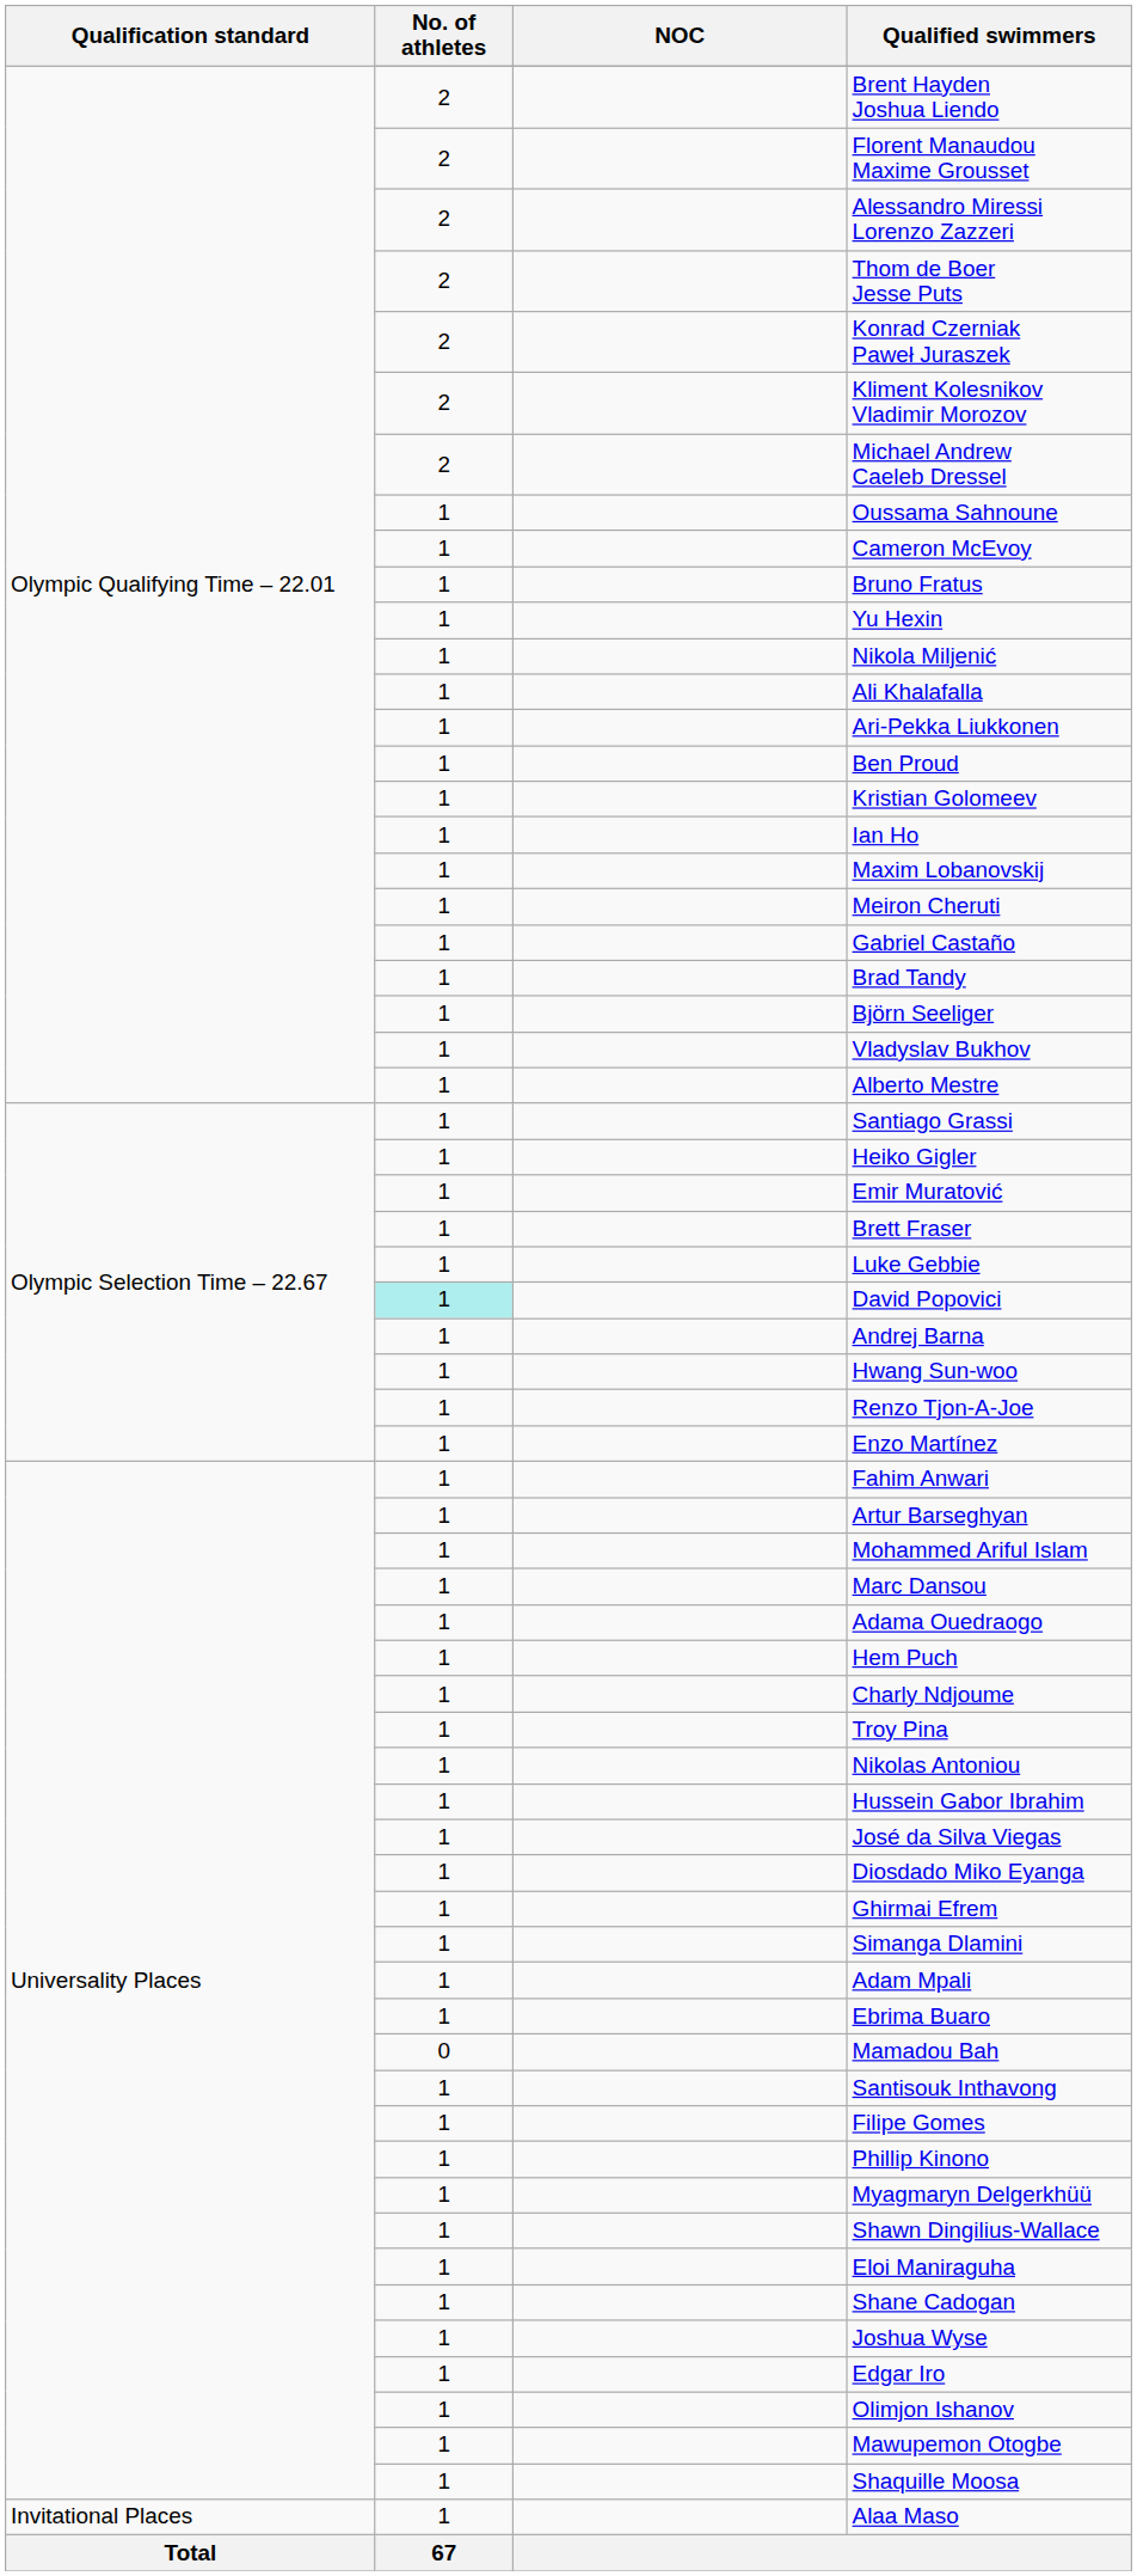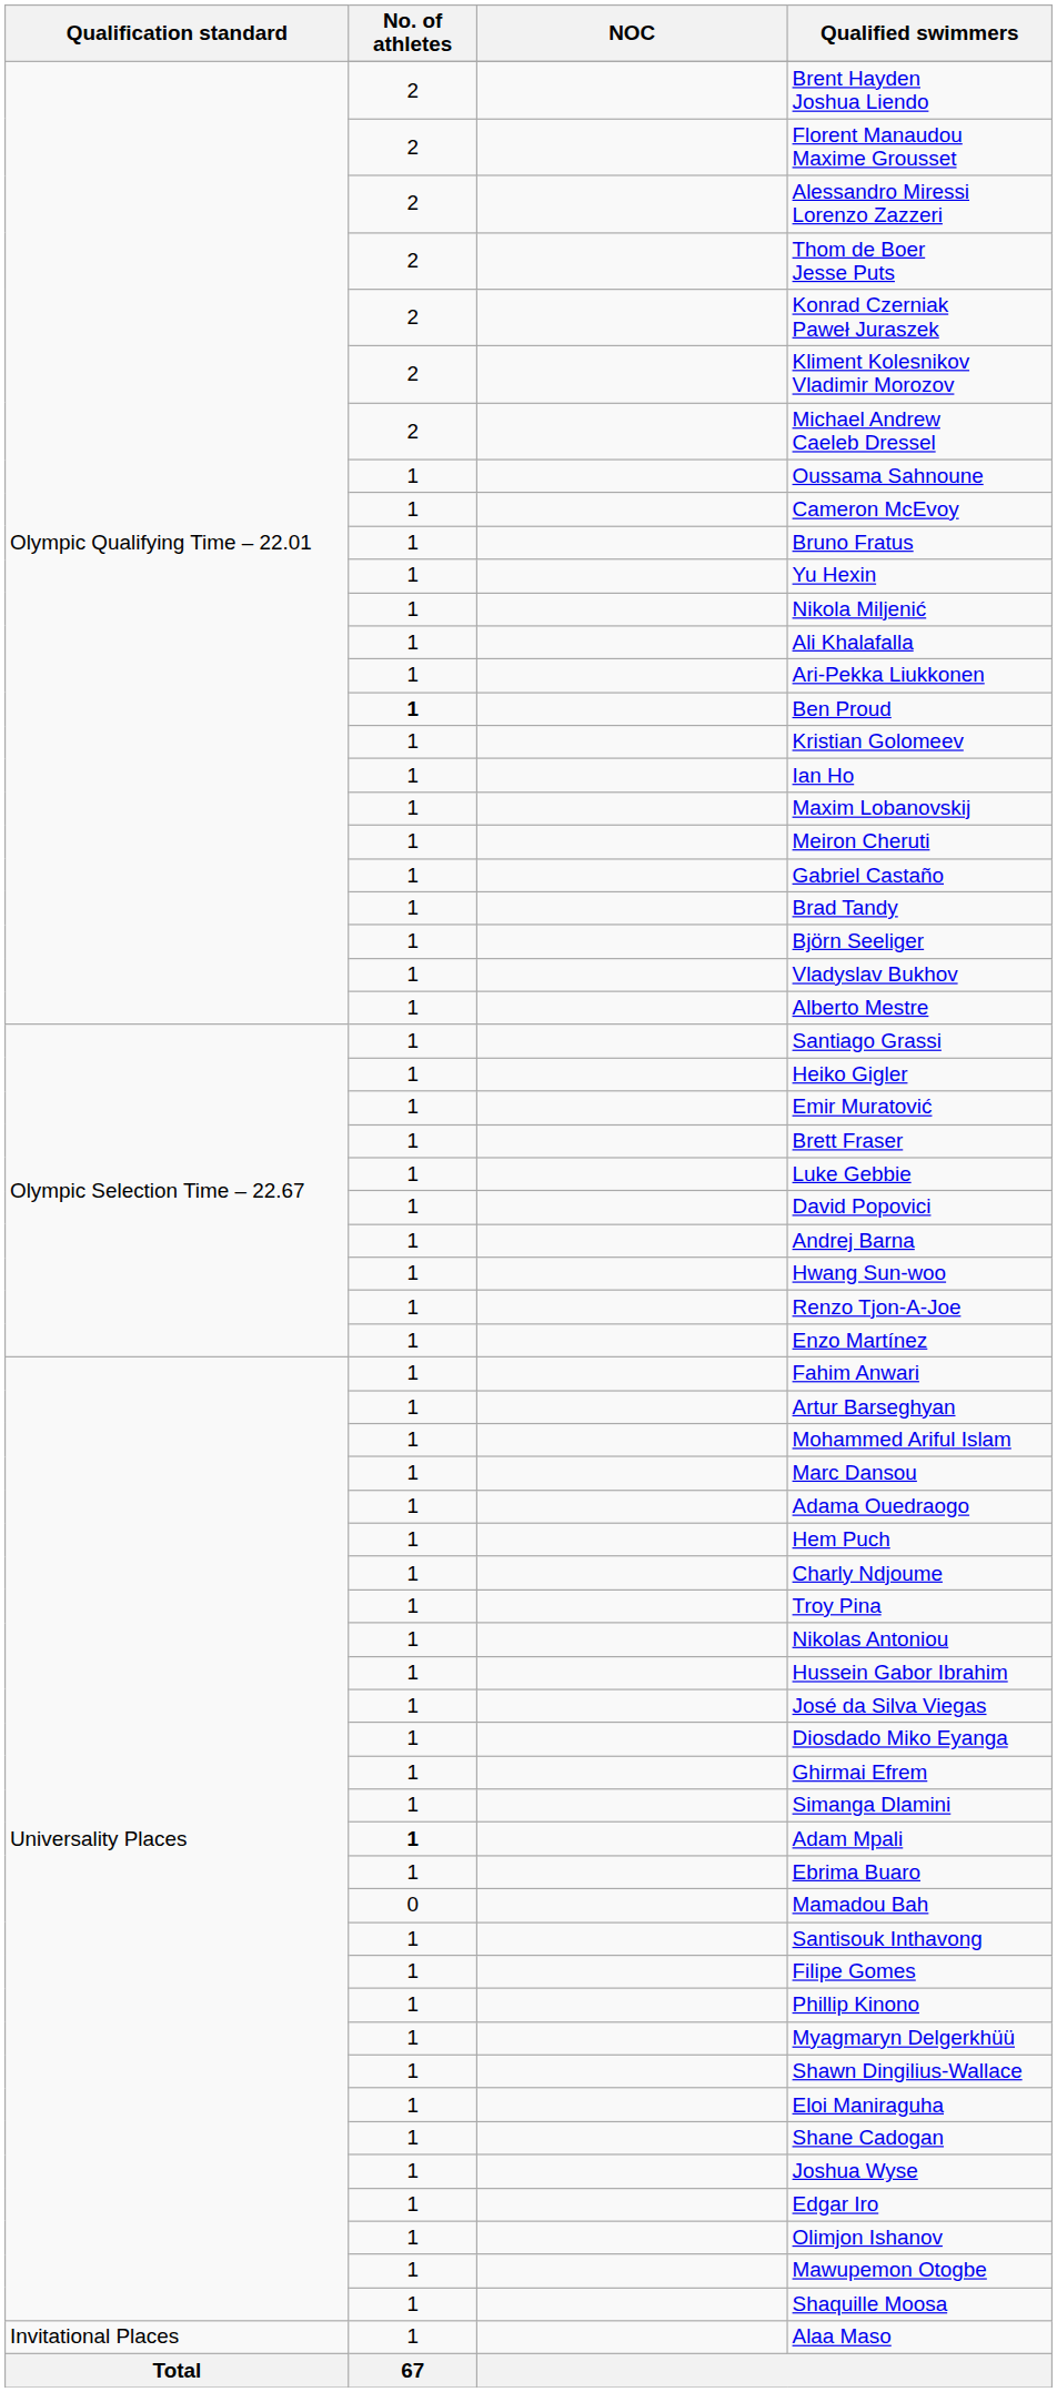 <table class=wikitable style="text-align:left" width=800>
 <tr>
 <th>Qualification standard</th>
 <th width=90>No. of athletes</th>
 <th width=230>NOC</th>
 <th>Qualified swimmers</th>
 </tr>
 <tr>
 <td rowspan="25">Olympic Qualifying Time – 22.01</td>
 </tr>
 <tr>
 <td align=center>2</td>
 <td></td>
 <td><a href='#'>Brent Hayden</a><br><a href='#'>Joshua Liendo</a></td>
 </tr>
 <tr>
 <td align=center>2</td>
 <td></td>
 <td><a href='#'>Florent Manaudou</a><br><a href='#'>Maxime Grousset</a></td>
 </tr>
 <tr>
 <td align=center>2</td>
 <td></td>
 <td><a href='#'>Alessandro Miressi</a><br><a href='#'>Lorenzo Zazzeri</a></td>
 </tr>
 <tr>
 <td align=center>2</td>
 <td></td>
 <td><a href='#'>Thom de Boer</a><br><a href='#'>Jesse Puts</a></td>
 </tr>
 <tr>
 <td align=center>2</td>
 <td></td>
 <td><a href='#'>Konrad Czerniak</a><br><a href='#'>Paweł Juraszek</a></td>
 </tr>
 <tr>
 <td align=center>2</td>
 <td></td>
 <td><a href='#'>Kliment Kolesnikov</a><br><a href='#'>Vladimir Morozov</a></td>
 </tr>
 <tr>
 <td align=center>2</td>
 <td></td>
 <td><a href='#'>Michael Andrew</a><br><a href='#'>Caeleb Dressel</a></td>
 </tr>
 <tr>
 <td align=center>1</td>
 <td></td>
 <td><a href='#'>Oussama Sahnoune</a></td>
 </tr>
 <tr>
 <td align=center>1</td>
 <td></td>
 <td><a href='#'>Cameron McEvoy</a></td>
 </tr>
 <tr>
 <td align=center>1</td>
 <td></td>
 <td><a href='#'>Bruno Fratus</a></td>
 </tr>
 <tr>
 <td align=center>1</td>
 <td></td>
 <td><a href='#'>Yu Hexin</a></td>
 </tr>
 <tr>
 <td align=center>1</td>
 <td></td>
 <td><a href='#'>Nikola Miljenić</a></td>
 </tr>
 <tr>
 <td align=center>1</td>
 <td></td>
 <td><a href='#'>Ali Khalafalla</a></td>
 </tr>
 <tr>
 <td align=center>1</td>
 <td></td>
 <td><a href='#'>Ari-Pekka Liukkonen</a></td>
 </tr>
 <tr>
-<td align="center">1</td>
+<td align="center"><strong>1</strong></td>
 <td></td>
 <td><a href='#'>Ben Proud</a></td>
 </tr>
 <tr>
 <td align=center>1</td>
 <td></td>
 <td><a href='#'>Kristian Golomeev</a></td>
 </tr>
 <tr>
 <td align=center>1</td>
 <td></td>
 <td><a href='#'>Ian Ho</a></td>
 </tr>
 <tr>
 <td align=center>1</td>
 <td></td>
 <td><a href='#'>Maxim Lobanovskij</a></td>
 </tr>
 <tr>
 <td align=center>1</td>
 <td></td>
 <td><a href='#'>Meiron Cheruti</a></td>
 </tr>
 <tr>
 <td align=center>1</td>
 <td></td>
 <td><a href='#'>Gabriel Castaño</a></td>
 </tr>
 <tr>
 <td align=center>1</td>
 <td></td>
 <td><a href='#'>Brad Tandy</a></td>
 </tr>
 <tr>
 <td align=center>1</td>
 <td></td>
 <td><a href='#'>Björn Seeliger</a></td>
 </tr>
 <tr>
 <td align=center>1</td>
 <td></td>
 <td><a href='#'>Vladyslav Bukhov</a></td>
 </tr>
 <tr>
 <td align=center>1</td>
 <td></td>
 <td><a href='#'>Alberto Mestre</a></td>
 </tr>
 <tr>
 <td rowspan=10>Olympic Selection Time – 22.67</td>
 <td align=center>1</td>
 <td></td>
 <td><a href='#'>Santiago Grassi</a></td>
 </tr>
 <tr>
 <td align=center>1</td>
 <td></td>
 <td><a href='#'>Heiko Gigler</a></td>
 </tr>
 <tr>
 <td align=center>1</td>
 <td></td>
 <td><a href='#'>Emir Muratović</a></td>
 </tr>
 <tr>
 <td align=center>1</td>
 <td></td>
 <td><a href='#'>Brett Fraser</a></td>
 </tr>
 <tr>
 <td align=center>1</td>
 <td></td>
 <td><a href='#'>Luke Gebbie</a></td>
 </tr>
 <tr>
-<td align=center style="background: paleturquoise;">1</td>
+<td align=center>1</td>
 <td></td>
 <td><a href='#'>David Popovici</a></td>
 </tr>
 <tr>
 <td align=center>1</td>
 <td></td>
 <td><a href='#'>Andrej Barna</a></td>
 </tr>
 <tr>
 <td align=center>1</td>
 <td></td>
 <td><a href='#'>Hwang Sun-woo</a></td>
 </tr>
 <tr>
 <td align=center>1</td>
 <td></td>
 <td><a href='#'>Renzo Tjon-A-Joe</a></td>
 </tr>
 <tr>
 <td align=center>1</td>
 <td></td>
 <td><a href='#'>Enzo Martínez</a></td>
 </tr>
 <tr>
 <td rowspan=29>Universality Places</td>
 <td align=center>1</td>
 <td></td>
 <td><a href='#'>Fahim Anwari</a></td>
 </tr>
 <tr>
 <td align=center>1</td>
 <td></td>
 <td><a href='#'>Artur Barseghyan</a></td>
 </tr>
 <tr>
 <td align=center>1</td>
 <td></td>
 <td><a href='#'>Mohammed Ariful Islam</a></td>
 </tr>
 <tr>
 <td align=center>1</td>
 <td></td>
 <td><a href='#'>Marc Dansou</a></td>
 </tr>
 <tr>
 <td align=center>1</td>
 <td></td>
 <td><a href='#'>Adama Ouedraogo</a></td>
 </tr>
 <tr>
 <td align=center>1</td>
 <td></td>
 <td><a href='#'>Hem Puch</a></td>
 </tr>
 <tr>
 <td align=center>1</td>
 <td></td>
 <td><a href='#'>Charly Ndjoume</a></td>
 </tr>
 <tr>
 <td align=center>1</td>
 <td></td>
 <td><a href='#'>Troy Pina</a></td>
 </tr>
 <tr>
 <td align=center>1</td>
 <td></td>
 <td><a href='#'>Nikolas Antoniou</a></td>
 </tr>
 <tr>
 <td align=center>1</td>
 <td></td>
 <td><a href='#'>Hussein Gabor Ibrahim</a></td>
 </tr>
 <tr>
 <td align=center>1</td>
 <td></td>
 <td><a href='#'>José da Silva Viegas</a></td>
 </tr>
 <tr>
 <td align=center>1</td>
 <td></td>
 <td><a href='#'>Diosdado Miko Eyanga</a></td>
 </tr>
 <tr>
 <td align=center>1</td>
 <td></td>
 <td><a href='#'>Ghirmai Efrem</a></td>
 </tr>
 <tr>
 <td align=center>1</td>
 <td></td>
 <td><a href='#'>Simanga Dlamini</a></td>
 </tr>
 <tr>
-<td align=center>1</td>
+<td align=center><strong>1</strong></td>
 <td></td>
 <td><a href='#'>Adam Mpali</a></td>
 </tr>
 <tr>
 <td align=center>1</td>
 <td></td>
 <td><a href='#'>Ebrima Buaro</a></td>
 </tr>
 <tr>
 <td align=center>0</td>
 <td></td>
 <td><a href='#'>Mamadou Bah</a></td>
 </tr>
 <tr>
 <td align=center>1</td>
 <td></td>
 <td><a href='#'>Santisouk Inthavong</a></td>
 </tr>
 <tr>
 <td align=center>1</td>
 <td></td>
 <td><a href='#'>Filipe Gomes</a></td>
 </tr>
 <tr>
 <td align=center>1</td>
 <td></td>
 <td><a href='#'>Phillip Kinono</a></td>
 </tr>
 <tr>
 <td align=center>1</td>
 <td></td>
 <td><a href='#'>Myagmaryn Delgerkhüü</a></td>
 </tr>
 <tr>
 <td align=center>1</td>
 <td></td>
 <td><a href='#'>Shawn Dingilius-Wallace</a></td>
 </tr>
 <tr>
 <td align=center>1</td>
 <td></td>
 <td><a href='#'>Eloi Maniraguha</a></td>
 </tr>
 <tr>
 <td align=center>1</td>
 <td></td>
 <td><a href='#'>Shane Cadogan</a></td>
 </tr>
 <tr>
 <td align=center>1</td>
 <td></td>
 <td><a href='#'>Joshua Wyse</a></td>
 </tr>
 <tr>
 <td align=center>1</td>
 <td></td>
 <td><a href='#'>Edgar Iro</a></td>
 </tr>
 <tr>
 <td align=center>1</td>
 <td></td>
 <td><a href='#'>Olimjon Ishanov</a></td>
 </tr>
 <tr>
 <td align=center>1</td>
 <td></td>
 <td><a href='#'>Mawupemon Otogbe</a></td>
 </tr>
 <tr>
 <td align=center>1</td>
 <td></td>
 <td><a href='#'>Shaquille Moosa</a></td>
 </tr>
 <tr>
 <td>Invitational Places</td>
 <td align=center>1</td>
 <td></td>
 <td><a href='#'>Alaa Maso</a></td>
 </tr>
 <tr>
 <th><strong>Total</strong></th>
 <th>67</th>
 <th colspan=2></th>
 </tr>
 </table>
